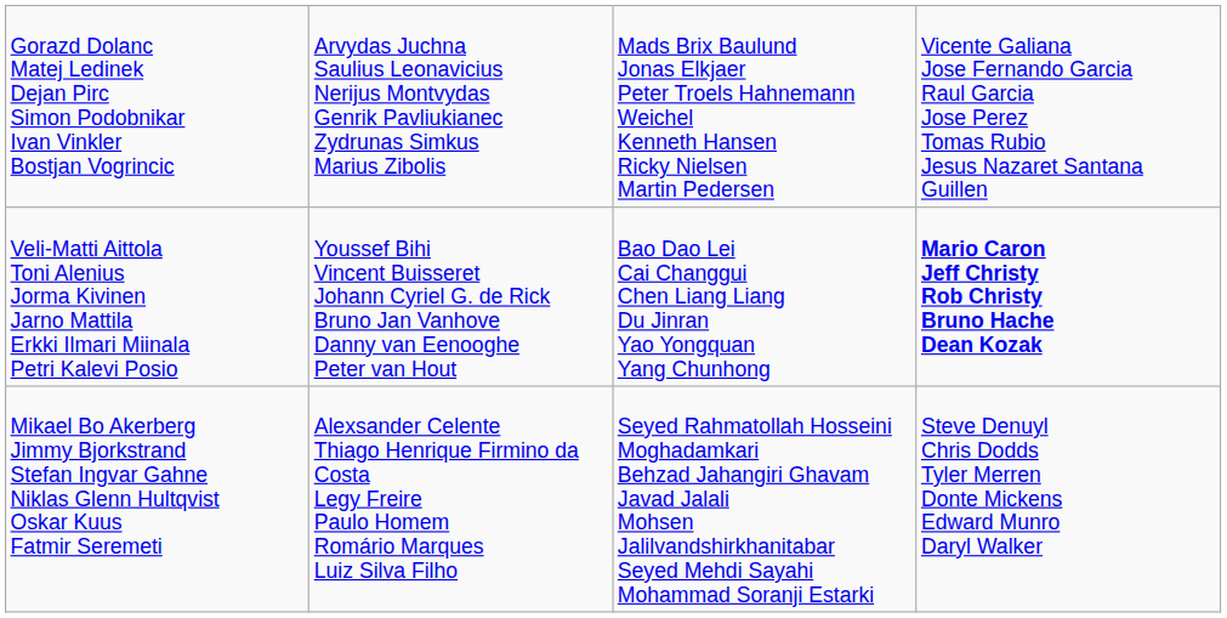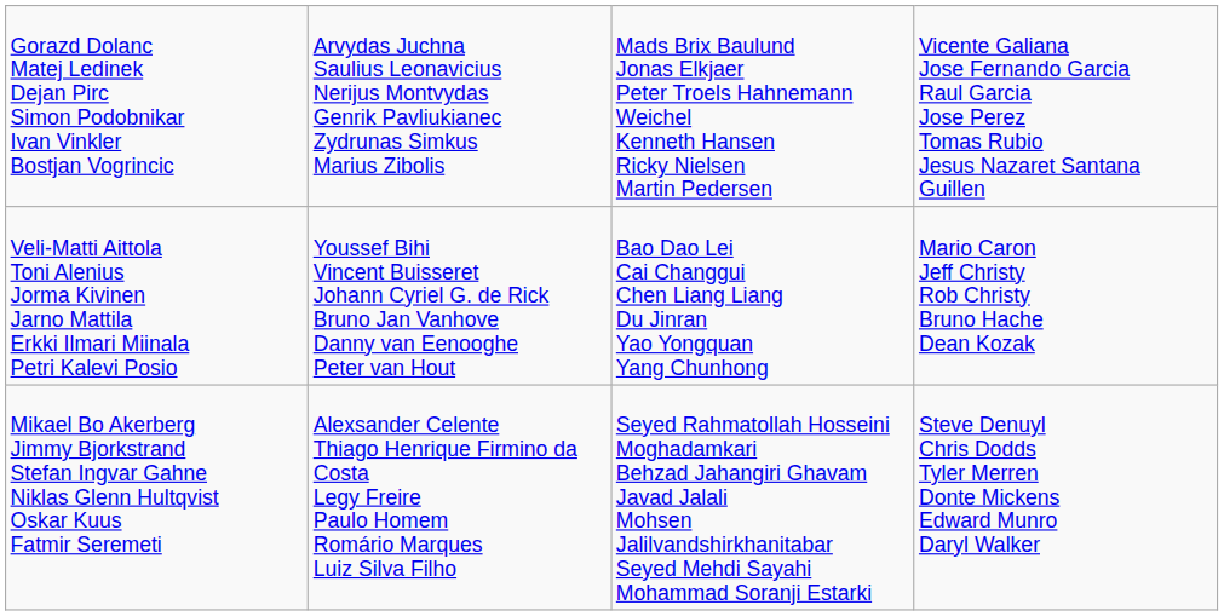 <table class="wikitable">
 <tr>
 <td style="vertical-align:top; width:220px"><br><a href='#'>Gorazd Dolanc</a><br> <a href='#'>Matej Ledinek</a><br> <a href='#'>Dejan Pirc</a><br> <a href='#'>Simon Podobnikar</a><br> <a href='#'>Ivan Vinkler</a><br> <a href='#'>Bostjan Vogrincic</a></td>
 <td style="vertical-align:top; width:220px"><br><a href='#'>Arvydas Juchna</a><br> <a href='#'>Saulius Leonavicius</a><br> <a href='#'>Nerijus Montvydas</a><br> <a href='#'>Genrik Pavliukianec</a><br> <a href='#'>Zydrunas Simkus</a><br> <a href='#'>Marius Zibolis</a></td>
 <td style="vertical-align:top; width:220px"><br><a href='#'>Mads Brix Baulund</a><br> <a href='#'>Jonas Elkjaer</a><br> <a href='#'>Peter Troels Hahnemann Weichel</a><br> <a href='#'>Kenneth Hansen</a><br> <a href='#'>Ricky Nielsen</a><br> <a href='#'>Martin Pedersen</a></td>
 <td style="vertical-align:top; width:220px"><br><a href='#'>Vicente Galiana</a><br> <a href='#'>Jose Fernando Garcia</a><br> <a href='#'>Raul Garcia</a><br> <a href='#'>Jose Perez</a><br> <a href='#'>Tomas Rubio</a><br> <a href='#'>Jesus Nazaret Santana Guillen</a></td>
 </tr>
 <tr>
 <td style="vertical-align:top; width:220px"><br><a href='#'>Veli-Matti Aittola</a><br> <a href='#'>Toni Alenius</a><br> <a href='#'>Jorma Kivinen</a><br> <a href='#'>Jarno Mattila</a><br> <a href='#'>Erkki Ilmari Miinala</a><br> <a href='#'>Petri Kalevi Posio</a></td>
 <td style="vertical-align:top; width:220px"><br><a href='#'>Youssef Bihi</a><br> <a href='#'>Vincent Buisseret</a><br> <a href='#'>Johann Cyriel G. de Rick</a><br> <a href='#'>Bruno Jan Vanhove</a><br> <a href='#'>Danny van Eenooghe</a><br> <a href='#'>Peter van Hout</a></td>
 <td style="vertical-align:top; width:220px"><br><a href='#'>Bao Dao Lei</a><br> <a href='#'>Cai Changgui</a><br> <a href='#'>Chen Liang Liang</a><br> <a href='#'>Du Jinran</a><br> <a href='#'>Yao Yongquan</a><br> <a href='#'>Yang Chunhong</a></td>
-<td style="vertical-align:top; width:220px"><strong><br><a href='#'>Mario Caron</a><br> <a href='#'>Jeff Christy</a><br> <a href='#'>Rob Christy</a><br> <a href='#'>Bruno Hache</a><br> <a href='#'>Dean Kozak</a></strong></td>
+<td style="vertical-align:top; width:220px"><br><a href='#'>Mario Caron</a><br> <a href='#'>Jeff Christy</a><br> <a href='#'>Rob Christy</a><br> <a href='#'>Bruno Hache</a><br> <a href='#'>Dean Kozak</a></td>
 </tr>
 <tr>
 <td style="vertical-align:top; width:220px"><br><a href='#'>Mikael Bo Akerberg</a><br> <a href='#'>Jimmy Bjorkstrand</a><br> <a href='#'>Stefan Ingvar Gahne</a><br> <a href='#'>Niklas Glenn Hultqvist</a><br> <a href='#'>Oskar Kuus</a><br> <a href='#'>Fatmir Seremeti</a></td>
 <td style="vertical-align:top; width:220px"><br><a href='#'>Alexsander Celente</a><br> <a href='#'>Thiago Henrique Firmino da Costa</a><br> <a href='#'>Legy Freire</a><br> <a href='#'>Paulo Homem</a><br> <a href='#'>Romário Marques</a><br> <a href='#'>Luiz Silva Filho</a></td>
 <td style="vertical-align:top; width:220px"><br> <a href='#'>Seyed Rahmatollah Hosseini Moghadamkari</a><br> <a href='#'>Behzad Jahangiri Ghavam</a><br> <a href='#'>Javad Jalali</a><br> <a href='#'>Mohsen Jalilvandshirkhanitabar</a><br> <a href='#'>Seyed Mehdi Sayahi</a><br> <a href='#'>Mohammad Soranji Estarki</a></td>
 <td style="vertical-align:top; width:220px"><br><a href='#'>Steve Denuyl</a><br> <a href='#'>Chris Dodds</a><br> <a href='#'>Tyler Merren</a><br> <a href='#'>Donte Mickens</a><br> <a href='#'>Edward Munro</a><br> <a href='#'>Daryl Walker</a></td>
 </tr>
 </table>
